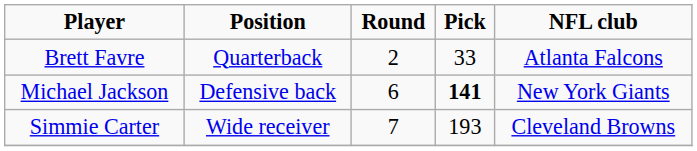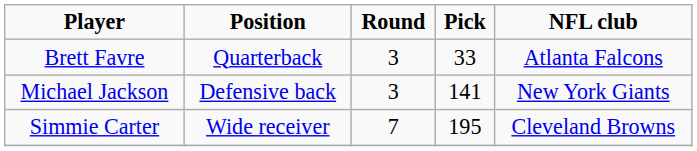 <table class="wikitable" width="80%">
 <tr align="center">
 <td><strong>Player</strong></td>
 <td><strong>Position</strong></td>
 <td><strong>Round</strong></td>
 <td><strong>Pick</strong></td>
 <td><strong>NFL club</strong></td>
 </tr>
 <tr align="center" bgcolor="">
 <td><a href='#'>Brett Favre</a></td>
 <td><a href='#'>Quarterback</a></td>
-<td>2</td>
+<td>3</td>
 <td>33</td>
 <td><a href='#'>Atlanta Falcons</a></td>
 </tr>
 <tr align="center" bgcolor="">
 <td><a href='#'>Michael Jackson</a></td>
 <td><a href='#'>Defensive back</a></td>
-<td>6</td>
-<td><strong>141</strong></td>
+<td>3</td>
+<td>141</td>
 <td><a href='#'>New York Giants</a></td>
 </tr>
 <tr align="center" bgcolor="">
 <td><a href='#'>Simmie Carter</a></td>
 <td><a href='#'>Wide receiver</a></td>
 <td>7</td>
-<td>193</td>
+<td>195</td>
 <td><a href='#'>Cleveland Browns</a></td>
 </tr>
 <tr align="center" bgcolor="">
 </tr>
 </table>
